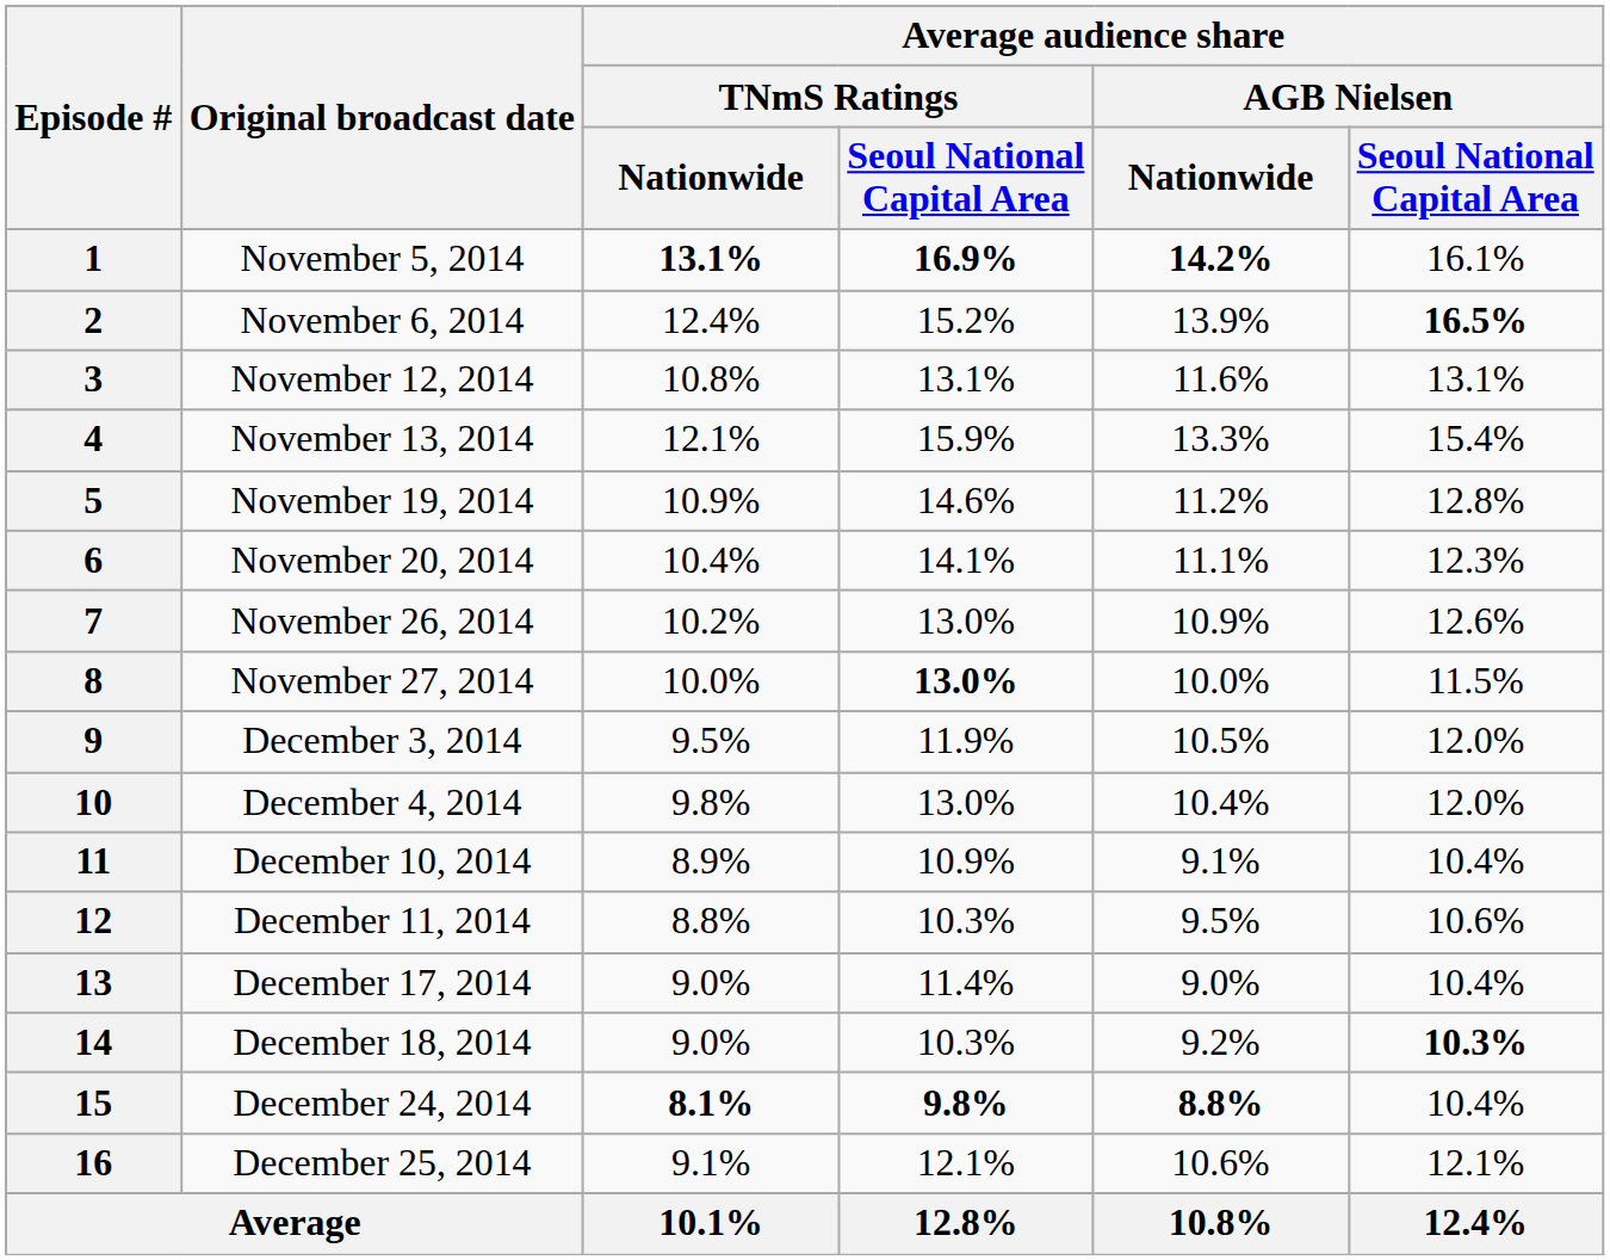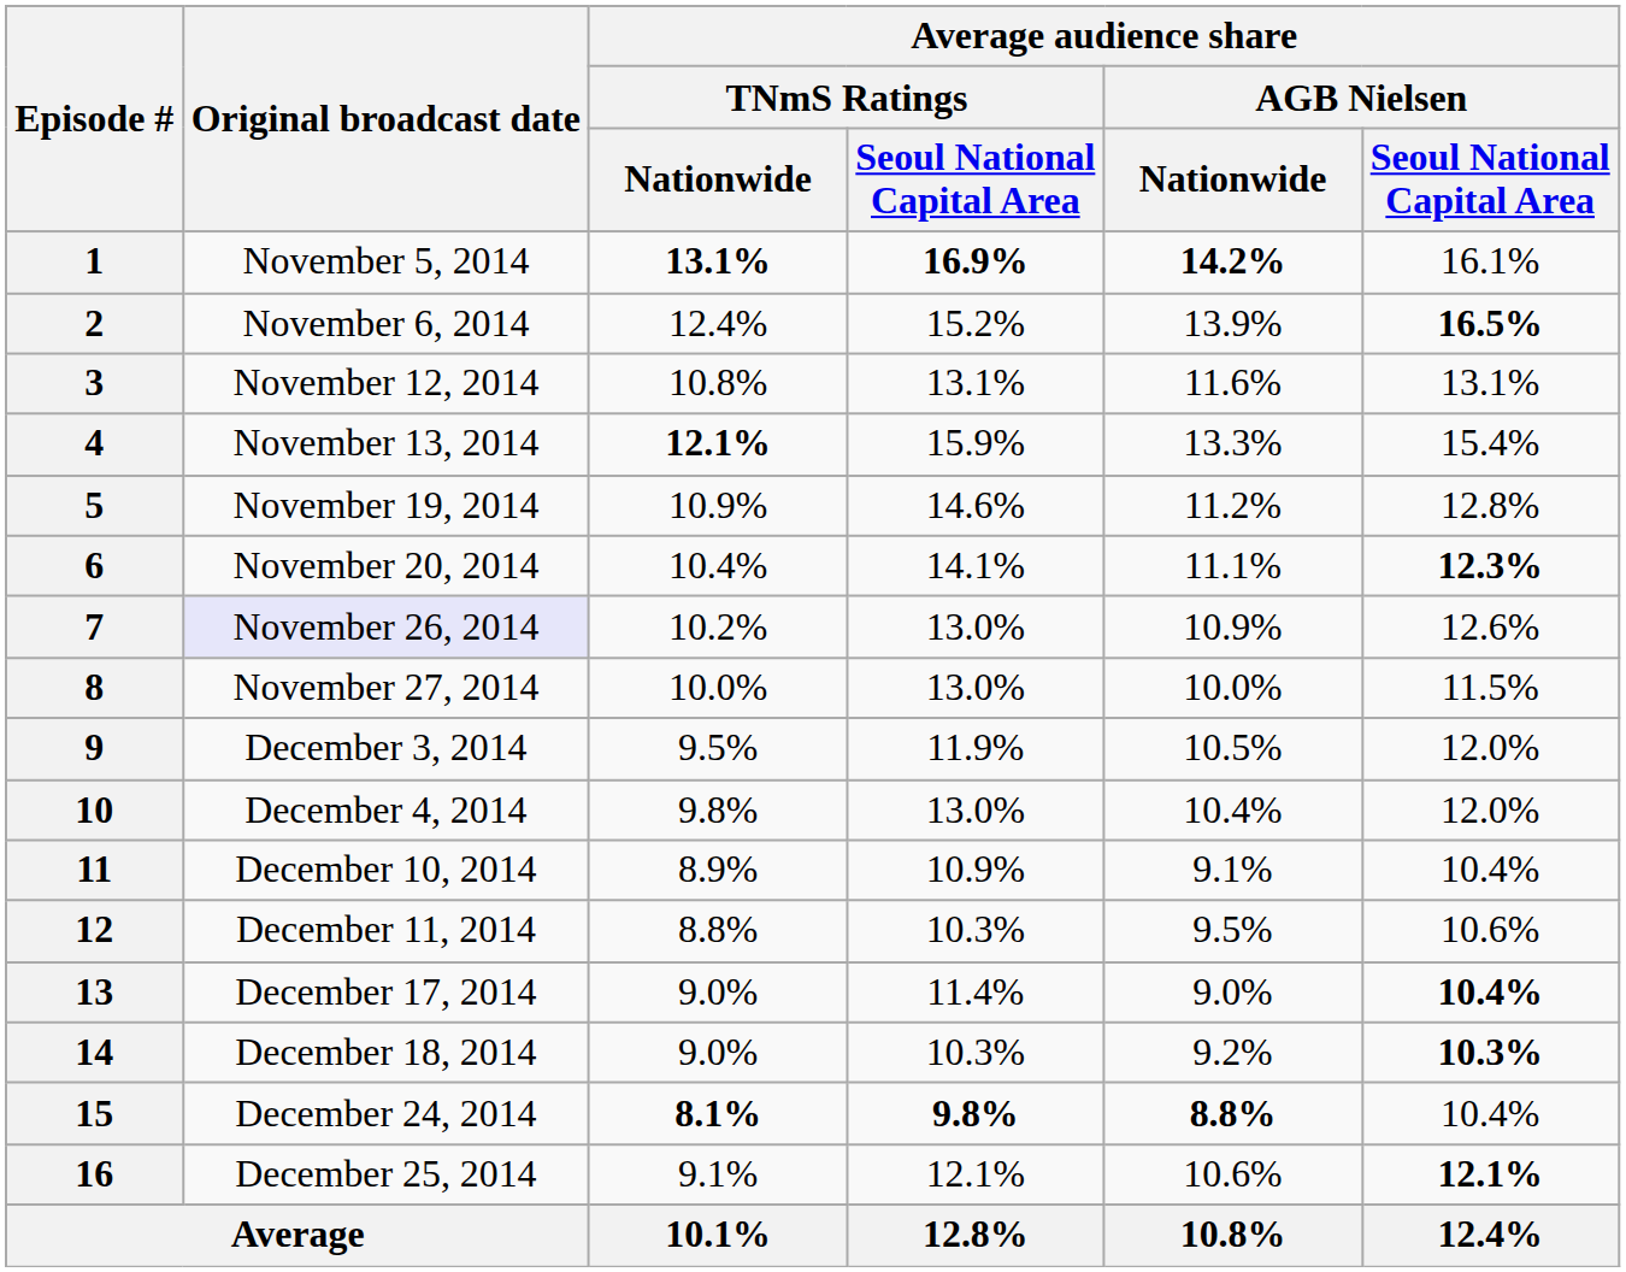 <table class=wikitable style="text-align:center">
 <tr>
 <th rowspan="3">Episode #</th>
 <th rowspan="3">Original broadcast date</th>
 <th colspan="4">Average audience share</th>
 </tr>
 <tr>
 <th colspan="2">TNmS Ratings</th>
 <th colspan="2">AGB Nielsen</th>
 </tr>
 <tr>
 <th width=100>Nationwide</th>
 <th width=100><a href='#'>Seoul National Capital Area</a></th>
 <th width=100>Nationwide</th>
 <th width=100><a href='#'>Seoul National Capital Area</a></th>
 </tr>
 <tr>
 <th>1</th>
 <td>November 5, 2014</td>
 <td><span><strong>13.1%</strong></span></td>
 <td><span><strong>16.9%</strong></span></td>
 <td><span><strong>14.2%</strong></span></td>
 <td>16.1%</td>
 </tr>
 <tr>
 <th>2</th>
 <td>November 6, 2014</td>
 <td>12.4%</td>
 <td>15.2%</td>
 <td>13.9%</td>
 <td><span><strong>16.5%</strong></span></td>
 </tr>
 <tr>
 <th>3</th>
 <td>November 12, 2014</td>
 <td>10.8%</td>
 <td>13.1%</td>
 <td>11.6%</td>
 <td>13.1%</td>
 </tr>
 <tr>
 <th>4</th>
 <td>November 13, 2014</td>
-<td>12.1%</td>
+<td><strong>12.1%</strong></td>
 <td>15.9%</td>
 <td>13.3%</td>
 <td>15.4%</td>
 </tr>
 <tr>
 <th>5</th>
 <td>November 19, 2014</td>
 <td>10.9%</td>
 <td>14.6%</td>
 <td>11.2%</td>
 <td>12.8%</td>
 </tr>
 <tr>
 <th>6</th>
 <td>November 20, 2014</td>
 <td>10.4%</td>
 <td>14.1%</td>
 <td>11.1%</td>
-<td>12.3%</td>
+<td><strong>12.3%</strong></td>
 </tr>
 <tr>
 <th>7</th>
-<td>November 26, 2014</td>
+<td style="background: lavender;">November 26, 2014</td>
 <td>10.2%</td>
 <td>13.0%</td>
 <td>10.9%</td>
 <td>12.6%</td>
 </tr>
 <tr>
 <th>8</th>
 <td>November 27, 2014</td>
 <td>10.0%</td>
-<td><strong>13.0%</strong></td>
+<td>13.0%</td>
 <td>10.0%</td>
 <td>11.5%</td>
 </tr>
 <tr>
 <th>9</th>
 <td>December 3, 2014</td>
 <td>9.5%</td>
 <td>11.9%</td>
 <td>10.5%</td>
 <td>12.0%</td>
 </tr>
 <tr>
 <th>10</th>
 <td>December 4, 2014</td>
 <td>9.8%</td>
 <td>13.0%</td>
 <td>10.4%</td>
 <td>12.0%</td>
 </tr>
 <tr>
 <th>11</th>
 <td>December 10, 2014</td>
 <td>8.9%</td>
 <td>10.9%</td>
 <td>9.1%</td>
 <td>10.4%</td>
 </tr>
 <tr>
 <th>12</th>
 <td>December 11, 2014</td>
 <td>8.8%</td>
 <td>10.3%</td>
 <td>9.5%</td>
 <td>10.6%</td>
 </tr>
 <tr>
 <th>13</th>
 <td>December 17, 2014</td>
 <td>9.0%</td>
 <td>11.4%</td>
 <td>9.0%</td>
-<td>10.4%</td>
+<td><strong>10.4%</strong></td>
 </tr>
 <tr>
 <th>14</th>
 <td>December 18, 2014</td>
 <td>9.0%</td>
 <td>10.3%</td>
 <td>9.2%</td>
 <td><span><strong>10.3%</strong></span></td>
 </tr>
 <tr>
 <th>15</th>
 <td>December 24, 2014</td>
 <td><span><strong>8.1%</strong></span></td>
 <td><span><strong>9.8%</strong></span></td>
 <td><span><strong>8.8%</strong></span></td>
 <td>10.4%</td>
 </tr>
 <tr>
 <th>16</th>
 <td>December 25, 2014</td>
 <td>9.1%</td>
 <td>12.1%</td>
 <td>10.6%</td>
-<td>12.1%</td>
+<td><strong>12.1%</strong></td>
 </tr>
 <tr>
 <th colspan=2>Average</th>
 <th><span><strong>10.1%</strong></span></th>
 <th><span><strong>12.8%</strong></span></th>
 <th><span><strong>10.8%</strong></span></th>
 <th><span><strong>12.4%</strong></span></th>
 </tr>
 </table>
